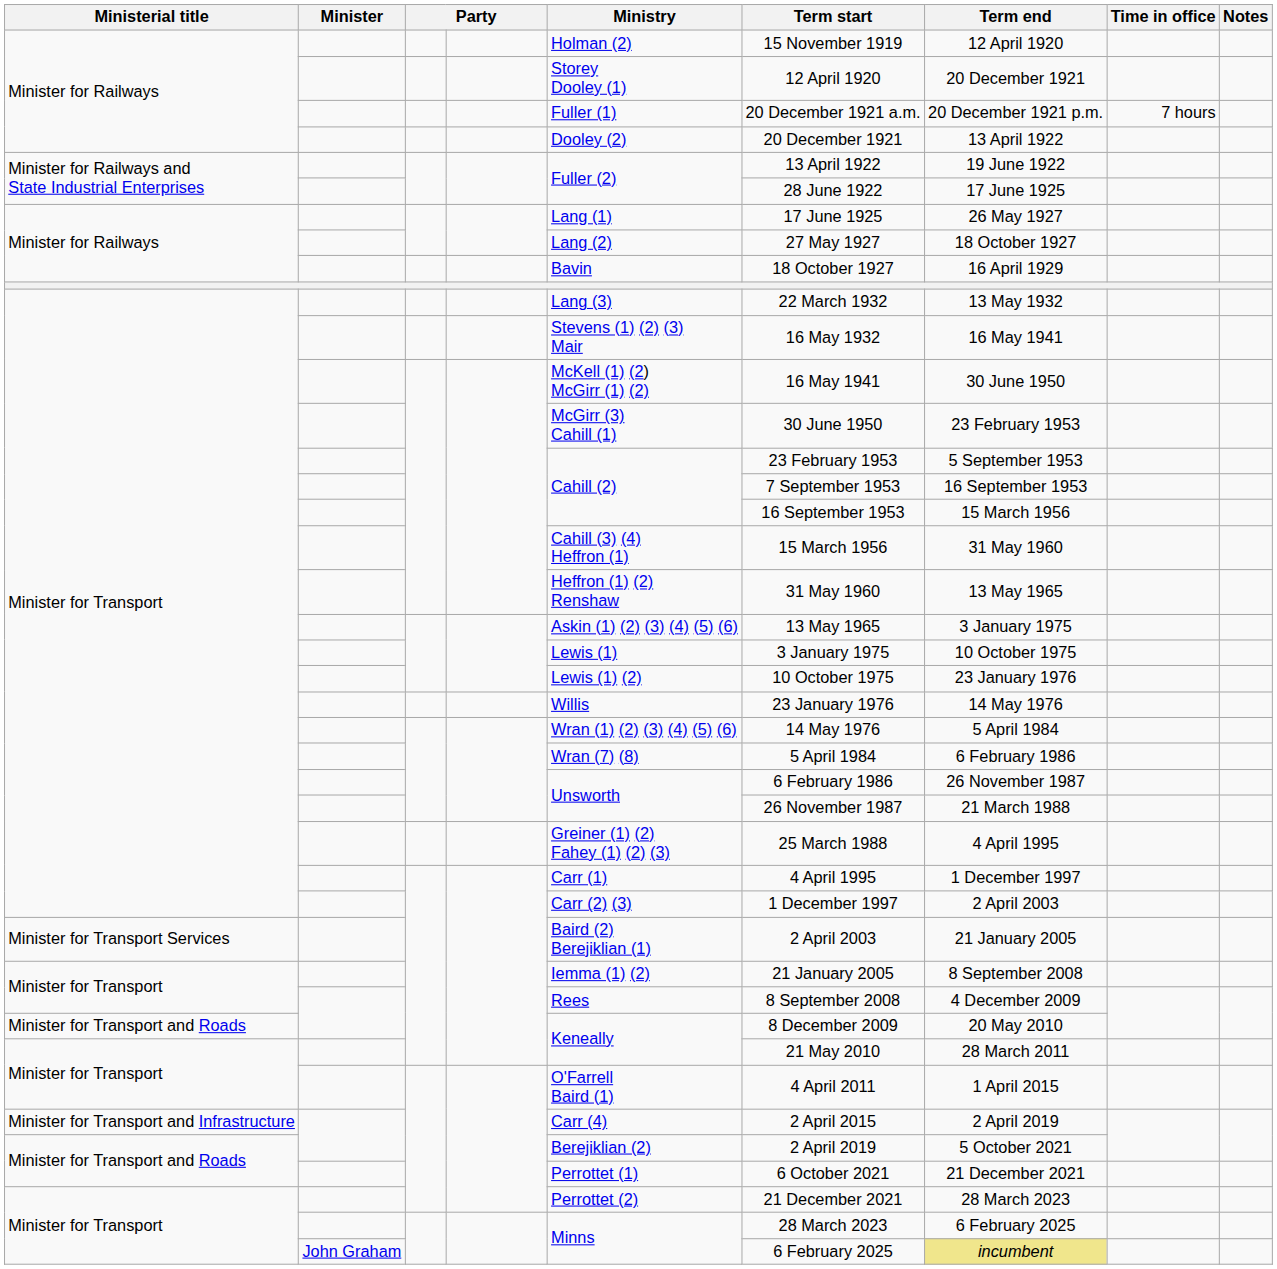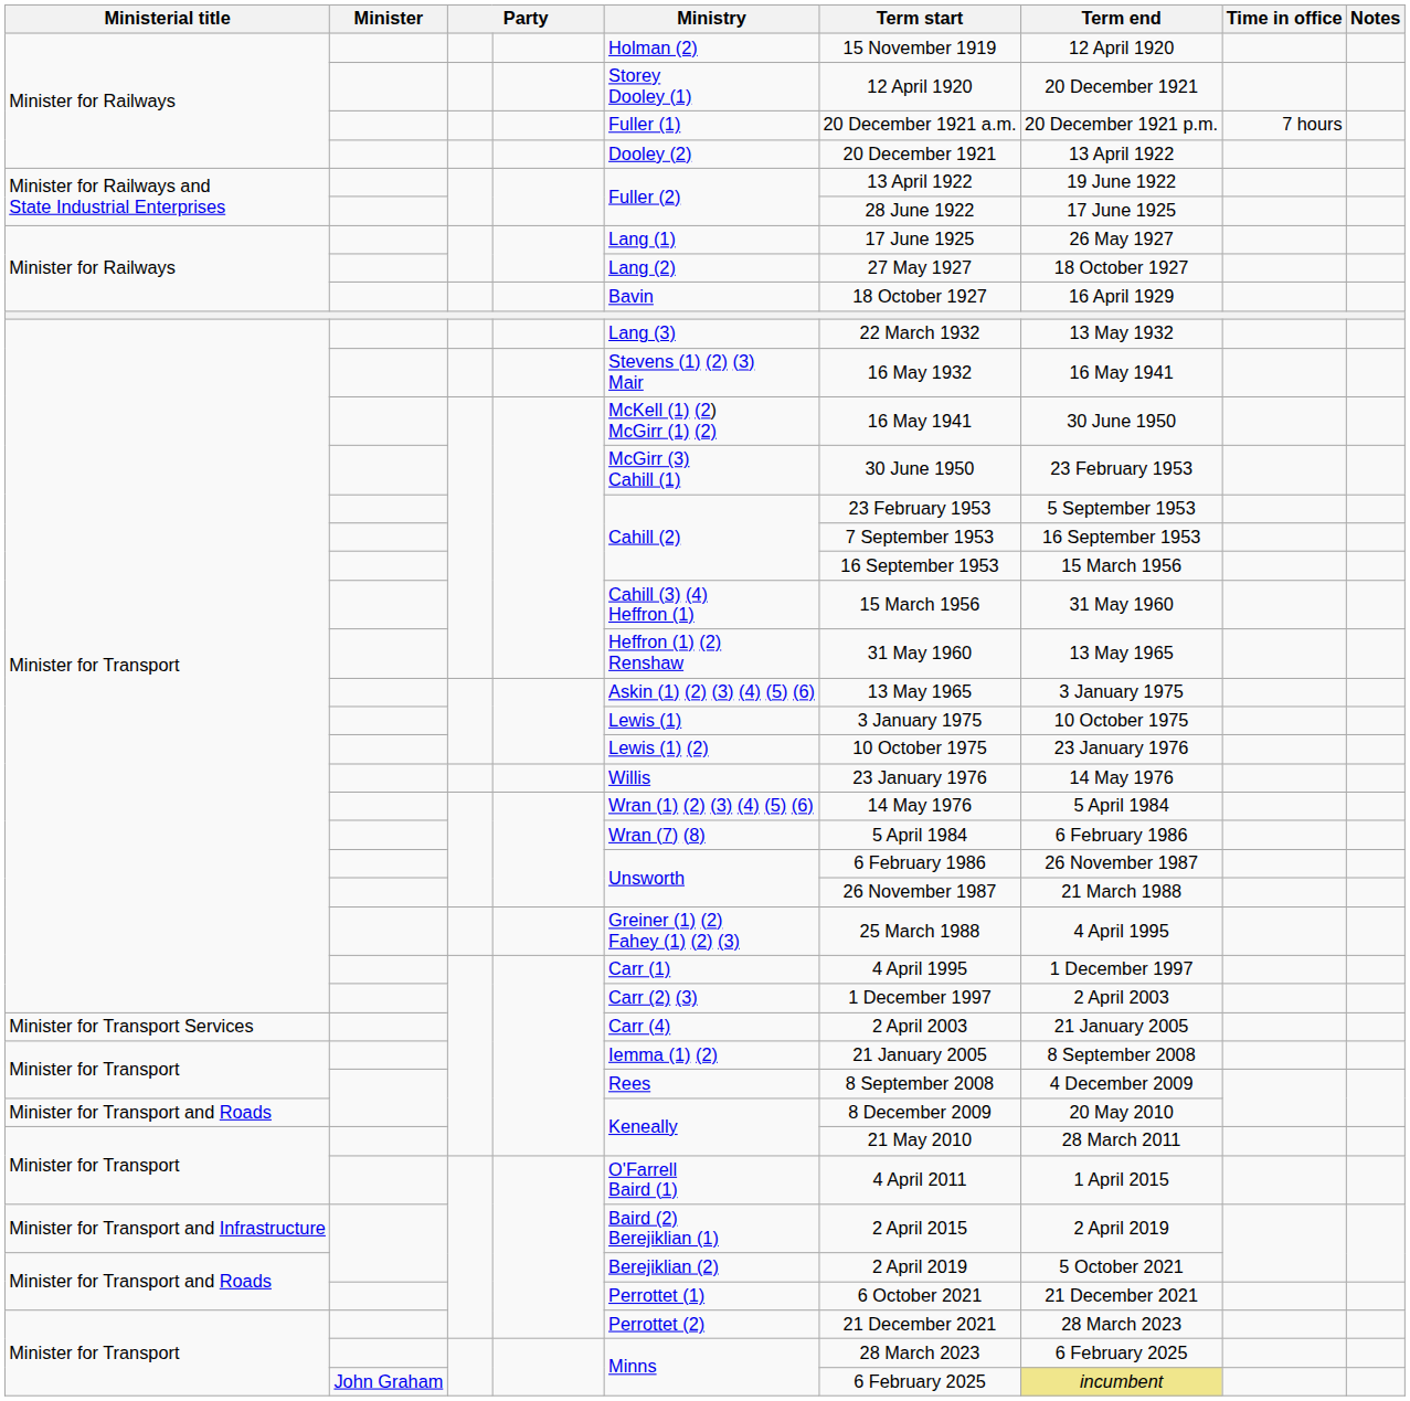 <table class="wikitable sortable">
 <tr>
 <th>Ministerial title</th>
 <th>Minister</th>
 <th colspan=2>Party</th>
 <th>Ministry</th>
 <th>Term start</th>
 <th>Term end</th>
 <th>Time in office</th>
 <th class="unsortable">Notes</th>
 </tr>
 <tr>
 <td rowspan="4">Minister for Railways</td>
 <td></td>
 <td> </td>
 <td></td>
 <td><a href='#'>Holman (2)</a></td>
 <td align="center">15 November 1919</td>
 <td align="center">12 April 1920</td>
 <td align="right"></td>
 <td></td>
 </tr>
 <tr>
 <td></td>
 <td> </td>
 <td></td>
 <td><a href='#'>Storey</a><br><a href='#'>Dooley (1)</a></td>
 <td align="center">12 April 1920</td>
 <td align="center">20 December 1921</td>
 <td align="right"></td>
 <td></td>
 </tr>
 <tr>
 <td></td>
 <td> </td>
 <td></td>
 <td><a href='#'>Fuller (1)</a></td>
 <td align="center" data-sort-value="20 December 1921">20 December 1921 a.m.</td>
 <td align="center" data-sort-value="20 December 1921">20 December 1921 p.m.</td>
 <td align="right">7 hours</td>
 <td></td>
 </tr>
 <tr>
 <td></td>
 <td> </td>
 <td></td>
 <td><a href='#'>Dooley (2)</a></td>
 <td align="center">20 December 1921</td>
 <td align="center">13 April 1922</td>
 <td align="right"></td>
 <td></td>
 </tr>
 <tr>
 <td rowspan="2">Minister for Railways and<br><a href='#'>State Industrial Enterprises</a></td>
 <td></td>
 <td rowspan="2" > </td>
 <td rowspan="2"></td>
 <td rowspan="2"><a href='#'>Fuller (2)</a></td>
 <td align="center">13 April 1922</td>
 <td align="center">19 June 1922</td>
 <td align="right"></td>
 <td></td>
 </tr>
 <tr>
 <td></td>
 <td align="center">28 June 1922</td>
 <td align="center">17 June 1925</td>
 <td align="center"><strong></strong></td>
 <td></td>
 </tr>
 <tr>
 <td rowspan="3">Minister for Railways</td>
 <td></td>
 <td rowspan="2" > </td>
 <td rowspan="2"></td>
 <td><a href='#'>Lang (1)</a></td>
 <td align="center">17 June 1925</td>
 <td align="center">26 May 1927</td>
 <td align="right"></td>
 <td></td>
 </tr>
 <tr>
 <td></td>
 <td><a href='#'>Lang (2)</a></td>
 <td align="center">27 May 1927</td>
 <td align="center">18 October 1927</td>
 <td align="right"></td>
 <td></td>
 </tr>
 <tr>
 <td></td>
 <td> </td>
 <td></td>
 <td><a href='#'>Bavin</a></td>
 <td align="center">18 October 1927</td>
 <td align="center">16 April 1929</td>
 <td align="right"></td>
 <td></td>
 </tr>
 <tr>
 <th colspan="9"></th>
 </tr>
 <tr>
 <td rowspan=20>Minister for Transport</td>
 <td></td>
 <td> </td>
 <td width=8%></td>
 <td><a href='#'>Lang (3)</a></td>
 <td align=center>22 March 1932</td>
 <td align=center>13 May 1932</td>
 <td align=right></td>
 <td></td>
 </tr>
 <tr>
 <td></td>
 <td> </td>
 <td></td>
 <td><a href='#'>Stevens (1)</a> <a href='#'>(2)</a> <a href='#'>(3)</a><br><a href='#'>Mair</a></td>
 <td align=center>16 May 1932</td>
 <td align=center>16 May 1941</td>
 <td align=right></td>
 <td></td>
 </tr>
 <tr>
 <td></td>
 <td rowspan=7 > </td>
 <td rowspan=7></td>
 <td><a href='#'>McKell (1)</a> <a href='#'>(2</a>)<br><a href='#'>McGirr (1)</a> <a href='#'>(2)</a></td>
 <td align=center>16 May 1941</td>
 <td align=center>30 June 1950</td>
 <td align=right></td>
 <td></td>
 </tr>
 <tr>
 <td></td>
 <td><a href='#'>McGirr (3)</a><br><a href='#'>Cahill (1)</a></td>
 <td align=center>30 June 1950</td>
 <td align=center>23 February 1953</td>
 <td align=right></td>
 </tr>
 <tr>
 <td></td>
 <td rowspan=3><a href='#'>Cahill (2)</a></td>
 <td align=center>23 February 1953</td>
 <td align=center>5 September 1953</td>
 <td align=right></td>
 <td></td>
 </tr>
 <tr>
 <td></td>
 <td align=center>7 September 1953</td>
 <td align=center>16 September 1953</td>
 <td align=right></td>
 <td></td>
 </tr>
 <tr>
 <td></td>
 <td align=center>16 September 1953</td>
 <td align=center>15 March 1956</td>
 <td align=right></td>
 <td></td>
 </tr>
 <tr>
 <td></td>
 <td><a href='#'>Cahill (3)</a> <a href='#'>(4)</a><br><a href='#'>Heffron (1)</a></td>
 <td align=center>15 March 1956</td>
 <td align=center>31 May 1960</td>
 <td align=right></td>
 <td></td>
 </tr>
 <tr>
 <td></td>
 <td><a href='#'>Heffron (1)</a> <a href='#'>(2)</a><br><a href='#'>Renshaw</a></td>
 <td align=center>31 May 1960</td>
 <td align=center>13 May 1965</td>
 <td align=right></td>
 <td></td>
 </tr>
 <tr>
 <td></td>
 <td rowspan=3 > </td>
 <td rowspan=3></td>
 <td><a href='#'>Askin (1)</a> <a href='#'>(2)</a> <a href='#'>(3)</a> <a href='#'>(4)</a> <a href='#'>(5)</a> <a href='#'>(6)</a></td>
 <td align=center>13 May 1965</td>
 <td align=center>3 January 1975</td>
 <td align=right><strong></strong></td>
 <td></td>
 </tr>
 <tr>
 <td></td>
 <td><a href='#'>Lewis (1)</a></td>
 <td align=center>3 January 1975</td>
 <td align=center>10 October 1975</td>
 <td align=right></td>
 <td></td>
 </tr>
 <tr>
 <td></td>
 <td><a href='#'>Lewis (1)</a> <a href='#'>(2)</a></td>
 <td align=center>10 October 1975</td>
 <td align=center>23 January 1976</td>
 <td align=right></td>
 <td></td>
 </tr>
 <tr>
 <td></td>
 <td> </td>
 <td></td>
 <td><a href='#'>Willis</a></td>
 <td align=center>23 January 1976</td>
 <td align=center>14 May 1976</td>
 <td align=right></td>
 <td></td>
 </tr>
 <tr>
 <td></td>
 <td rowspan="4" > </td>
 <td rowspan="4"></td>
 <td><a href='#'>Wran (1)</a> <a href='#'>(2)</a> <a href='#'>(3)</a> <a href='#'>(4)</a> <a href='#'>(5)</a> <a href='#'>(6)</a></td>
 <td align=center>14 May 1976</td>
 <td align=center>5 April 1984</td>
 <td align=right></td>
 <td></td>
 </tr>
 <tr>
 <td></td>
 <td><a href='#'>Wran (7)</a> <a href='#'>(8)</a></td>
 <td align=center>5 April 1984</td>
 <td align=center>6 February 1986</td>
 <td align=right></td>
 <td></td>
 </tr>
 <tr>
 <td></td>
 <td rowspan="2"><a href='#'>Unsworth</a></td>
 <td align=center>6 February 1986</td>
 <td align=center>26 November 1987</td>
 <td align=right></td>
 <td></td>
 </tr>
 <tr>
 <td></td>
 <td align=center>26 November 1987</td>
 <td align=center>21 March 1988</td>
 <td align=right></td>
 <td></td>
 </tr>
 <tr>
 <td></td>
 <td> </td>
 <td></td>
 <td><a href='#'>Greiner (1)</a> <a href='#'>(2)</a><br><a href='#'>Fahey (1)</a> <a href='#'>(2)</a> <a href='#'>(3)</a></td>
 <td align=center>25 March 1988</td>
 <td align=center>4 April 1995</td>
 <td align=right></td>
 <td></td>
 </tr>
 <tr>
 <td></td>
 <td rowspan=7 > </td>
 <td rowspan=7></td>
 <td><a href='#'>Carr (1)</a></td>
 <td align=center>4 April 1995</td>
 <td align=center>1 December 1997</td>
 <td align=right></td>
 <td></td>
 </tr>
 <tr>
 <td></td>
 <td><a href='#'>Carr (2)</a> <a href='#'>(3)</a></td>
 <td align=center>1 December 1997</td>
 <td align=center>2 April 2003</td>
 <td align=right></td>
 <td></td>
 </tr>
 <tr>
 <td>Minister for Transport Services</td>
 <td></td>
-<td><a href='#'>Baird (2)</a><br><a href='#'>Berejiklian (1)</a></td>
+<td><a href='#'>Carr (4)</a></td>
 <td align=center>2 April 2003</td>
 <td align=center>21 January 2005</td>
 <td align=right></td>
 <td></td>
 </tr>
 <tr>
 <td rowspan=2>Minister for Transport</td>
 <td></td>
 <td><a href='#'>Iemma (1)</a> <a href='#'>(2)</a></td>
 <td align=center>21 January 2005</td>
 <td align=center>8 September 2008</td>
 <td align=right></td>
 <td></td>
 </tr>
 <tr>
 <td rowspan=2></td>
 <td><a href='#'>Rees</a></td>
 <td align=center>8 September 2008</td>
 <td align=center>4 December 2009</td>
 <td rowspan=2 align=right></td>
 <td rowspan="2"></td>
 </tr>
 <tr>
 <td>Minister for Transport and <a href='#'>Roads</a></td>
 <td rowspan=2><a href='#'>Keneally</a></td>
 <td align=center>8 December 2009</td>
 <td align=center>20 May 2010</td>
 </tr>
 <tr>
 <td rowspan=2>Minister for Transport</td>
 <td></td>
 <td align=center>21 May 2010</td>
 <td align=center>28 March 2011</td>
 <td align=right></td>
 <td></td>
 </tr>
 <tr>
 <td></td>
 <td rowspan=5 > </td>
 <td rowspan=5></td>
 <td><a href='#'>O'Farrell</a><br><a href='#'>Baird (1)</a></td>
 <td align=center>4 April 2011</td>
 <td align=center>1 April 2015</td>
 <td align=right></td>
 <td></td>
 </tr>
 <tr>
 <td>Minister for Transport and <a href='#'>Infrastructure</a></td>
 <td rowspan=2></td>
-<td><a href='#'>Carr (4)</a></td>
+<td><a href='#'>Baird (2)</a><br><a href='#'>Berejiklian (1)</a></td>
 <td align=center>2 April 2015</td>
 <td align=center>2 April 2019</td>
 <td rowspan=2 align=right></td>
 <td rowspan=2></td>
 </tr>
 <tr>
 <td rowspan=2>Minister for Transport and <a href='#'>Roads</a></td>
 <td><a href='#'>Berejiklian (2)</a></td>
 <td align=center>2 April 2019</td>
 <td align=center>5 October 2021</td>
 </tr>
 <tr>
 <td></td>
 <td><a href='#'>Perrottet (1)</a></td>
 <td align=center>6 October 2021</td>
 <td align=center>21 December 2021</td>
 <td align=right></td>
 <td></td>
 </tr>
 <tr>
 <td rowspan="3">Minister for Transport</td>
 <td></td>
 <td><a href='#'>Perrottet (2)</a></td>
 <td align=center>21 December 2021</td>
 <td align=center>28 March 2023</td>
 <td align=right></td>
 <td></td>
 </tr>
 <tr>
 <td></td>
 <td rowspan="2" > </td>
 <td rowspan="2"></td>
 <td rowspan="2"><a href='#'>Minns</a></td>
 <td align=center>28 March 2023</td>
 <td align=center>6 February 2025</td>
 <td align=right></td>
 <td></td>
 </tr>
 <tr>
 <td><a href='#'>John Graham</a></td>
 <td align=center>6 February 2025</td>
 <td align=center style="background: khaki;"><em>incumbent</em></td>
 <td align=right></td>
 <td></td>
 </tr>
 </table>
